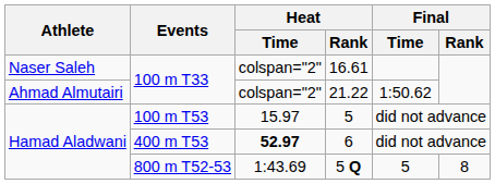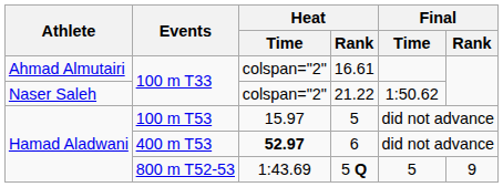 <table class=wikitable style="font-size:90%">
 <tr>
 <th rowspan="2">Athlete</th>
 <th rowspan="2">Events</th>
 <th colspan="2">Heat</th>
 <th colspan="2">Final</th>
 </tr>
 <tr>
 <th>Time</th>
 <th>Rank</th>
 <th>Time</th>
 <th>Rank</th>
 </tr>
 <tr align=center>
-<td align=left><a href='#'>Naser Saleh</a></td>
+<td align=left><a href='#'>Ahmad Almutairi</a></td>
 <td align=left rowspan=2><a href='#'>100 m T33</a></td>
 <td>colspan="2" </td>
 <td>16.61</td>
 <td></td>
 </tr>
 <tr align=center>
-<td align=left><a href='#'>Ahmad Almutairi</a></td>
+<td align=left><a href='#'>Naser Saleh</a></td>
 <td>colspan="2" </td>
 <td>21.22</td>
 <td>1:50.62</td>
 </tr>
 <tr align=center>
 <td align=left rowspan=3><a href='#'>Hamad Aladwani</a></td>
 <td align=left><a href='#'>100 m T53</a></td>
 <td>15.97</td>
 <td>5</td>
 <td colspan=2>did not advance</td>
 </tr>
 <tr align=center>
 <td align=left><a href='#'>400 m T53</a></td>
 <td><strong>52.97</strong></td>
 <td>6</td>
 <td colspan=2>did not advance</td>
 </tr>
 <tr align=center>
 <td align=left><a href='#'>800 m T52-53</a></td>
 <td>1:43.69</td>
 <td>5 <strong>Q</strong></td>
 <td>5</td>
-<td>8</td>
+<td>9</td>
 </tr>
 </table>
